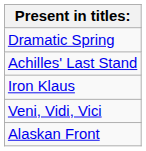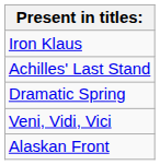 <table class="wikitable">
 <tr>
 <th>Present in titles:</th>
 </tr>
 <tr>
-<td><a href='#'>Dramatic Spring</a></td>
+<td><a href='#'>Iron Klaus</a></td>
 </tr>
 <tr>
 <td><a href='#'>Achilles' Last Stand</a></td>
 </tr>
 <tr>
-<td><a href='#'>Iron Klaus</a></td>
+<td><a href='#'>Dramatic Spring</a></td>
 </tr>
 <tr>
 <td><a href='#'>Veni, Vidi, Vici</a></td>
 </tr>
 <tr>
 <td><a href='#'>Alaskan Front</a></td>
 </tr>
 </table>
